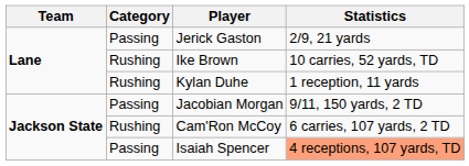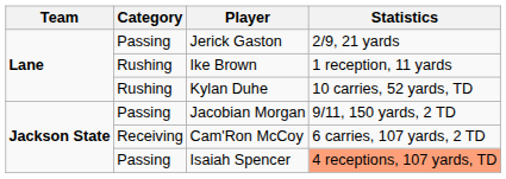 <table class="wikitable" style="float: right;">
 <tr>
 <th>Team</th>
 <th>Category</th>
 <th>Player</th>
 <th>Statistics</th>
 </tr>
 <tr>
 <td rowspan=3><strong>Lane</strong></td>
 <td>Passing</td>
 <td>Jerick Gaston</td>
 <td>2/9, 21 yards</td>
 </tr>
 <tr>
 <td>Rushing</td>
 <td>Ike Brown</td>
-<td>10 carries, 52 yards, TD</td>
+<td>1 reception, 11 yards</td>
 </tr>
 <tr>
 <td>Rushing</td>
 <td>Kylan Duhe</td>
-<td>1 reception, 11 yards</td>
+<td>10 carries, 52 yards, TD</td>
 </tr>
 <tr>
 <td rowspan=3><strong>Jackson State</strong></td>
 <td>Passing</td>
 <td>Jacobian Morgan</td>
 <td>9/11, 150 yards, 2 TD</td>
 </tr>
 <tr>
-<td>Rushing</td>
+<td>Receiving</td>
 <td>Cam'Ron McCoy</td>
 <td>6 carries, 107 yards, 2 TD</td>
 </tr>
 <tr>
 <td>Passing</td>
 <td>Isaiah Spencer</td>
 <td style="background: lightsalmon;">4 receptions, 107 yards, TD</td>
 </tr>
 </table>
